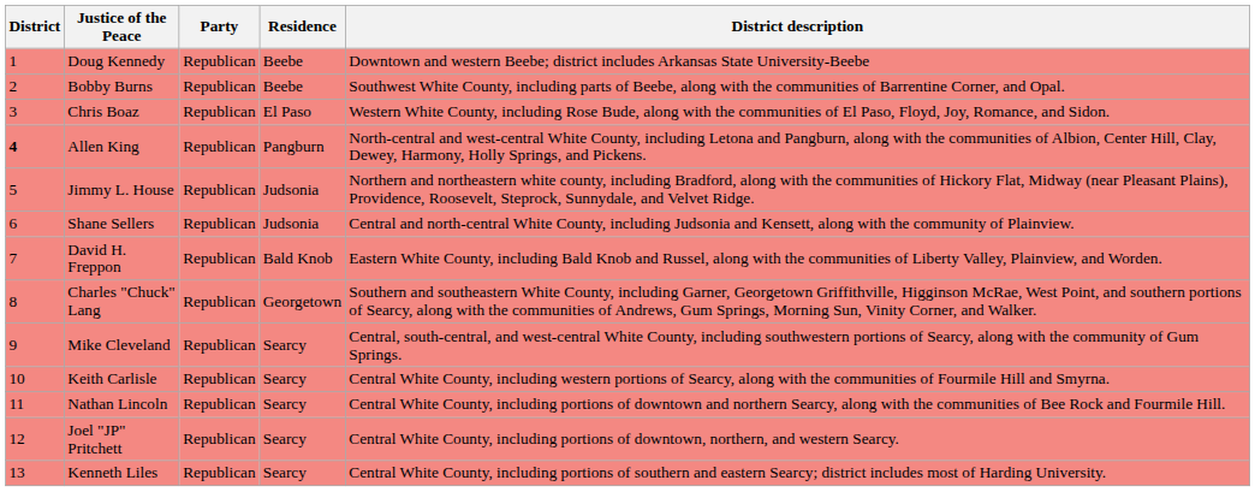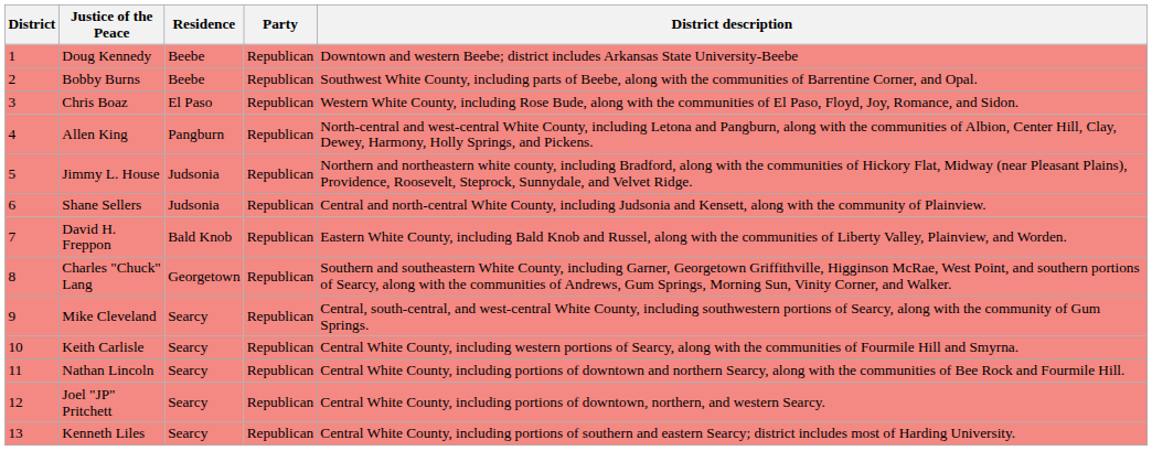 <table class="wikitable">
 <tr>
 <th>District</th>
 <th>Justice of the Peace</th>
+<th>Residence</th>
 <th>Party</th>
-<th>Residence</th>
 <th>District description</th>
 </tr>
 <tr style="background-color:#F48882;">
 <td>1</td>
 <td>Doug Kennedy</td>
+<td>Beebe</td>
 <td>Republican</td>
-<td>Beebe</td>
 <td>Downtown and western Beebe; district includes Arkansas State University-Beebe</td>
 </tr>
 <tr style="background-color:#F48882;">
 <td>2</td>
 <td>Bobby Burns</td>
+<td>Beebe</td>
 <td>Republican</td>
-<td>Beebe</td>
 <td>Southwest White County, including parts of Beebe, along with the communities of Barrentine Corner, and Opal.</td>
 </tr>
 <tr style="background-color:#F48882;">
 <td>3</td>
 <td>Chris Boaz</td>
+<td>El Paso</td>
 <td>Republican</td>
-<td>El Paso</td>
 <td>Western White County, including Rose Bude, along with the communities of El Paso, Floyd, Joy, Romance, and Sidon.</td>
 </tr>
 <tr style="background-color:#F48882;">
-<td><strong>4</strong></td>
+<td>4</td>
 <td>Allen King</td>
+<td>Pangburn</td>
 <td>Republican</td>
-<td>Pangburn</td>
 <td>North-central and west-central White County, including Letona and Pangburn, along with the communities of Albion, Center Hill, Clay, Dewey, Harmony, Holly Springs, and Pickens.</td>
 </tr>
 <tr style="background-color:#F48882;">
 <td>5</td>
 <td>Jimmy L. House</td>
+<td>Judsonia</td>
 <td>Republican</td>
-<td>Judsonia</td>
 <td>Northern and northeastern white county, including Bradford, along with the communities of Hickory Flat, Midway (near Pleasant Plains), Providence, Roosevelt, Steprock, Sunnydale, and Velvet Ridge.</td>
 </tr>
 <tr style="background-color:#F48882;">
 <td>6</td>
 <td>Shane Sellers</td>
+<td>Judsonia</td>
 <td>Republican</td>
-<td>Judsonia</td>
 <td>Central and north-central White County, including Judsonia and Kensett, along with the community of Plainview.</td>
 </tr>
 <tr style="background-color:#F48882;">
 <td>7</td>
 <td>David H. Freppon</td>
+<td>Bald Knob</td>
 <td>Republican</td>
-<td>Bald Knob</td>
 <td>Eastern White County, including Bald Knob and Russel, along with the communities of Liberty Valley, Plainview, and Worden.</td>
 </tr>
 <tr style="background-color:#F48882;">
 <td>8</td>
 <td>Charles "Chuck" Lang</td>
+<td>Georgetown</td>
 <td>Republican</td>
-<td>Georgetown</td>
 <td>Southern and southeastern White County, including Garner, Georgetown Griffithville, Higginson McRae, West Point, and southern portions of Searcy, along with the communities of Andrews, Gum Springs, Morning Sun, Vinity Corner, and Walker.</td>
 </tr>
 <tr style="background-color:#F48882;">
 <td>9</td>
 <td>Mike Cleveland</td>
+<td>Searcy</td>
 <td>Republican</td>
-<td>Searcy</td>
 <td>Central, south-central, and west-central White County, including southwestern portions of Searcy, along with the community of Gum Springs.</td>
 </tr>
 <tr style="background-color:#F48882;">
 <td>10</td>
 <td>Keith Carlisle</td>
+<td>Searcy</td>
 <td>Republican</td>
-<td>Searcy</td>
 <td>Central White County, including western portions of Searcy, along with the communities of Fourmile Hill and Smyrna.</td>
 </tr>
 <tr style="background-color:#F48882;">
 <td>11</td>
 <td>Nathan Lincoln</td>
+<td>Searcy</td>
 <td>Republican</td>
-<td>Searcy</td>
 <td>Central White County, including portions of downtown and northern Searcy, along with the communities of Bee Rock and Fourmile Hill.</td>
 </tr>
 <tr style="background-color:#F48882;">
 <td>12</td>
 <td>Joel "JP" Pritchett</td>
+<td>Searcy</td>
 <td>Republican</td>
-<td>Searcy</td>
 <td>Central White County, including portions of downtown, northern, and western Searcy.</td>
 </tr>
 <tr style="background-color:#F48882;">
 <td>13</td>
 <td>Kenneth Liles</td>
+<td>Searcy</td>
 <td>Republican</td>
-<td>Searcy</td>
 <td>Central White County, including portions of southern and eastern Searcy; district includes most of Harding University.</td>
 </tr>
 </table>
